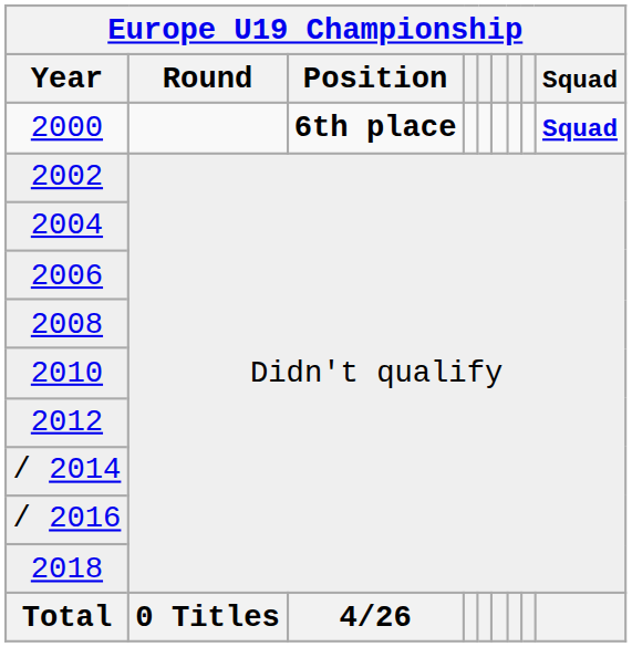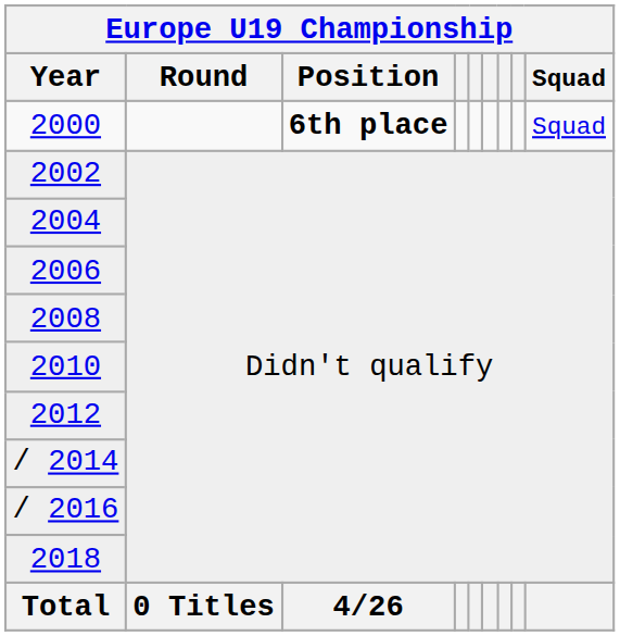 <table class="wikitable" style="text-align: center;">
 <tr>
 <th colspan=9><a href='#'>Europe U19 Championship</a></th>
 </tr>
 <tr>
 <th>Year</th>
 <th>Round</th>
 <th>Position</th>
 <th></th>
 <th></th>
 <th></th>
 <th></th>
 <th></th>
 <th><small>Squad</small></th>
 </tr>
 <tr>
 <td> <a href='#'>2000</a></td>
 <td></td>
 <td><strong>6th place</strong></td>
 <td></td>
 <td></td>
 <td></td>
 <td></td>
 <td></td>
-<td><strong><small><a href='#'>Squad</a></small></strong></td>
+<td><small><a href='#'>Squad</a></small></td>
 </tr>
 <tr bgcolor="efefef">
 <td> <a href='#'>2002</a></td>
 <td colspan=9 rowspan=9>Didn't qualify</td>
 </tr>
 <tr bgcolor="efefef">
 <td> <a href='#'>2004</a></td>
 </tr>
 <tr bgcolor="efefef">
 <td> <a href='#'>2006</a></td>
 </tr>
 <tr bgcolor="efefef">
 <td> <a href='#'>2008</a></td>
 </tr>
 <tr bgcolor="efefef">
 <td> <a href='#'>2010</a></td>
 </tr>
 <tr bgcolor="efefef">
 <td> <a href='#'>2012</a></td>
 </tr>
 <tr bgcolor="efefef">
 <td>/ <a href='#'>2014</a></td>
 </tr>
 <tr bgcolor="efefef">
 <td>/ <a href='#'>2016</a></td>
 </tr>
 <tr bgcolor="efefef">
 <td> <a href='#'>2018</a></td>
 </tr>
 <tr>
 <th>Total</th>
 <th>0 Titles</th>
 <th>4/26</th>
 <th></th>
 <th></th>
 <th></th>
 <th></th>
 <th></th>
 <th></th>
 </tr>
 </table>
